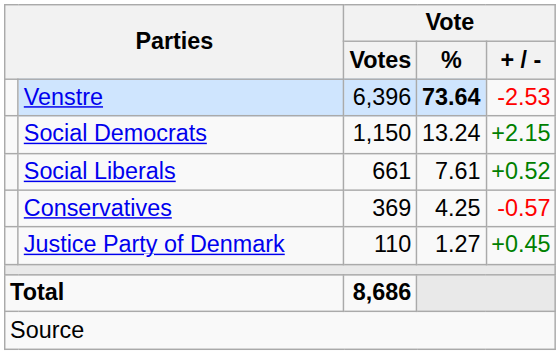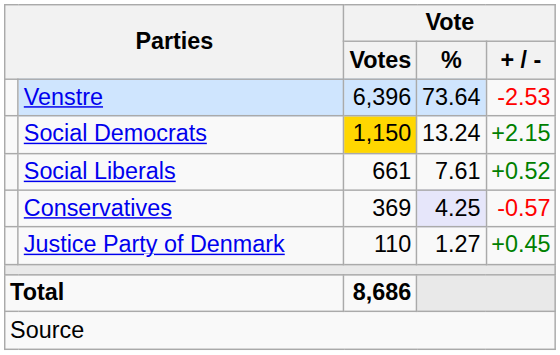 <table class="wikitable" style="text-align:right;">
 <tr>
 <th style="text-align:centre;" rowspan="2" colspan="2" width="225">Parties</th>
 <th colspan="3">Vote</th>
 </tr>
 <tr>
 <th width="15">Votes</th>
 <th width="15">%</th>
 <th width="15">+ / -</th>
 </tr>
 <tr>
 <td width="2" style="color:inherit;background:"></td>
 <td bgcolor=#cfe5fe  align="left"><a href='#'>Venstre</a></td>
 <td bgcolor=#cfe5fe>6,396</td>
-<td bgcolor=#cfe5fe><strong>73.64</strong></td>
+<td bgcolor=#cfe5fe>73.64</td>
 <td style=color:red;>-2.53</td>
 </tr>
 <tr>
 <td width="2" style="color:inherit;background:"></td>
 <td align="left"><a href='#'>Social Democrats</a></td>
-<td>1,150</td>
+<td style="background: gold;">1,150</td>
 <td>13.24</td>
 <td style=color:green;>+2.15</td>
 </tr>
 <tr>
 <td width="2" style="color:inherit;background:"></td>
 <td align="left"><a href='#'>Social Liberals</a></td>
 <td>661</td>
 <td>7.61</td>
 <td style=color:green;>+0.52</td>
 </tr>
 <tr>
 <td width="2" style="color:inherit;background:"></td>
 <td align="left"><a href='#'>Conservatives</a></td>
 <td>369</td>
-<td>4.25</td>
+<td style="background: lavender;">4.25</td>
 <td style=color:red;>-0.57</td>
 </tr>
 <tr>
 <td width="2" style="color:inherit;background:"></td>
 <td align="left"><a href='#'>Justice Party of Denmark</a></td>
 <td>110</td>
 <td>1.27</td>
 <td style=color:green;>+0.45</td>
 </tr>
 <tr>
 <td colspan="7" bgcolor="#E9E9E9"></td>
 </tr>
 <tr>
 <td align="left" colspan="2"><strong>Total</strong></td>
 <td><strong>8,686</strong></td>
 <td bgcolor="#E9E9E9" colspan="2"></td>
 </tr>
 <tr>
 <td align="left" colspan="6">Source</td>
 </tr>
 </table>
